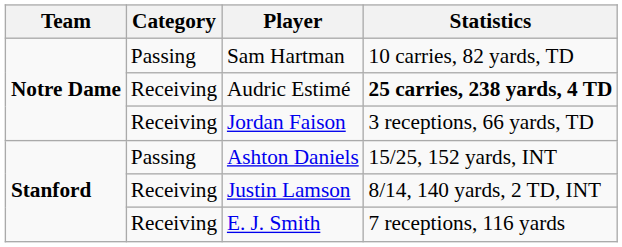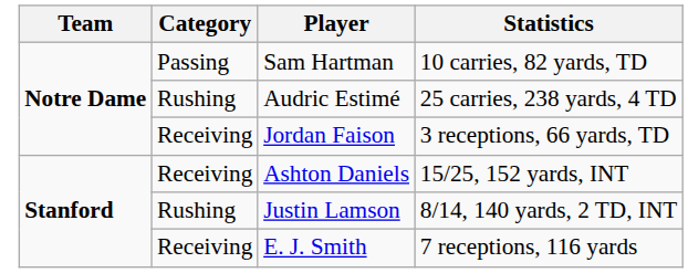 <table class="wikitable" style="float: right;">
 <tr>
 <th>Team</th>
 <th>Category</th>
 <th>Player</th>
 <th>Statistics</th>
 </tr>
 <tr>
 <td rowspan=3><strong>Notre Dame</strong></td>
 <td>Passing</td>
 <td>Sam Hartman</td>
 <td>10 carries, 82 yards, TD</td>
 </tr>
 <tr>
-<td>Receiving</td>
+<td>Rushing</td>
 <td>Audric Estimé</td>
-<td><strong>25 carries, 238 yards, 4 TD</strong></td>
+<td>25 carries, 238 yards, 4 TD</td>
 </tr>
 <tr>
 <td>Receiving</td>
 <td><a href='#'>Jordan Faison</a></td>
 <td>3 receptions, 66 yards, TD</td>
 </tr>
 <tr>
 <td rowspan=3><strong>Stanford</strong></td>
-<td>Passing</td>
+<td>Receiving</td>
 <td><a href='#'>Ashton Daniels</a></td>
 <td>15/25, 152 yards, INT</td>
 </tr>
 <tr>
-<td>Receiving</td>
+<td>Rushing</td>
 <td><a href='#'>Justin Lamson</a></td>
 <td>8/14, 140 yards, 2 TD, INT</td>
 </tr>
 <tr>
 <td>Receiving</td>
 <td><a href='#'>E. J. Smith</a></td>
 <td>7 receptions, 116 yards</td>
 </tr>
 </table>
